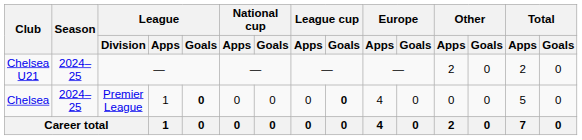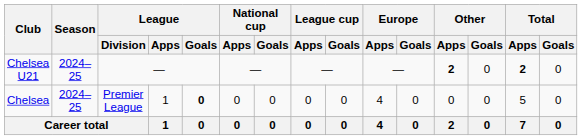 <table class=wikitable style=text-align:center>
 <tr>
 <th rowspan="2">Club</th>
 <th rowspan="2">Season</th>
 <th colspan="3">League</th>
 <th colspan="2">National cup</th>
 <th colspan="2">League cup</th>
 <th colspan="2">Europe</th>
 <th colspan="2">Other</th>
 <th colspan="2">Total</th>
 </tr>
 <tr>
 <th>Division</th>
 <th>Apps</th>
 <th>Goals</th>
 <th>Apps</th>
 <th>Goals</th>
 <th>Apps</th>
 <th>Goals</th>
 <th>Apps</th>
 <th>Goals</th>
 <th>Apps</th>
 <th>Goals</th>
 <th>Apps</th>
 <th>Goals</th>
 </tr>
 <tr>
 <td><a href='#'>Chelsea U21</a></td>
 <td><a href='#'>2024–25</a></td>
 <td colspan="3">—</td>
 <td colspan="2">—</td>
 <td colspan="2">—</td>
 <td colspan="2">—</td>
-<td>2</td>
+<td><strong>2</strong></td>
 <td>0</td>
-<td>2</td>
+<td><strong>2</strong></td>
 <td>0</td>
 </tr>
 <tr>
 <td><a href='#'>Chelsea</a></td>
 <td><a href='#'>2024–25</a></td>
 <td><a href='#'>Premier League</a></td>
 <td>1</td>
 <td><strong>0</strong></td>
 <td>0</td>
 <td>0</td>
 <td>0</td>
-<td><strong>0</strong></td>
+<td>0</td>
 <td>4</td>
 <td>0</td>
 <td>0</td>
 <td>0</td>
 <td>5</td>
 <td>0</td>
 </tr>
 <tr>
 <th colspan="3">Career total</th>
 <th>1</th>
 <th>0</th>
 <th>0</th>
 <th>0</th>
 <th>0</th>
 <th>0</th>
 <th>4</th>
 <th>0</th>
 <th>2</th>
 <th>0</th>
 <th>7</th>
 <th>0</th>
 </tr>
 </table>
